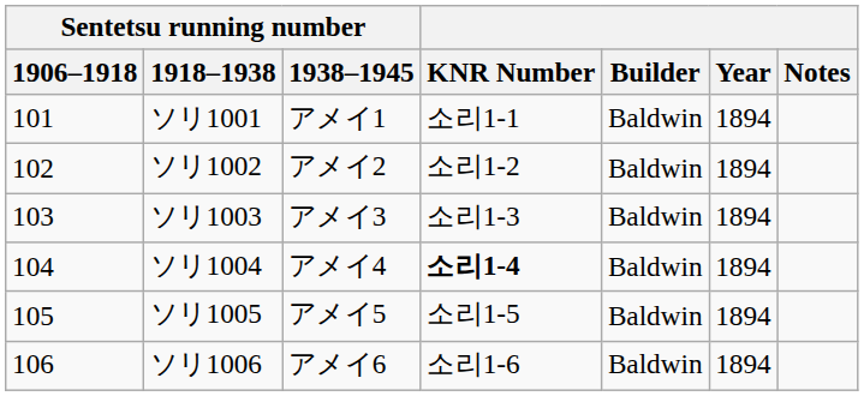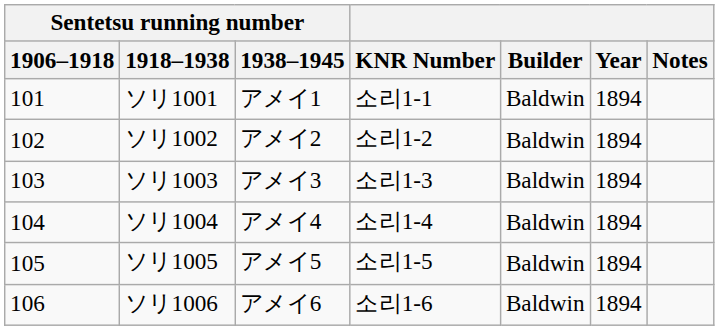 <table class="wikitable">
 <tr>
 <th colspan="3">Sentetsu running number</th>
 <th colspan="4"></th>
 </tr>
 <tr>
 <th>1906–1918</th>
 <th>1918–1938</th>
 <th>1938–1945</th>
 <th>KNR Number</th>
 <th>Builder</th>
 <th>Year</th>
 <th>Notes</th>
 </tr>
 <tr>
 <td>101</td>
 <td>ソリ1001</td>
 <td>アメイ1</td>
 <td>소리1-1</td>
 <td>Baldwin</td>
 <td>1894</td>
 <td></td>
 </tr>
 <tr>
 <td>102</td>
 <td>ソリ1002</td>
 <td>アメイ2</td>
 <td>소리1-2</td>
 <td>Baldwin</td>
 <td>1894</td>
 <td></td>
 </tr>
 <tr>
 <td>103</td>
 <td>ソリ1003</td>
 <td>アメイ3</td>
 <td>소리1-3</td>
 <td>Baldwin</td>
 <td>1894</td>
 <td></td>
 </tr>
 <tr>
 <td>104</td>
 <td>ソリ1004</td>
 <td>アメイ4</td>
-<td><strong>소리1-4</strong></td>
+<td>소리1-4</td>
 <td>Baldwin</td>
 <td>1894</td>
 <td></td>
 </tr>
 <tr>
 <td>105</td>
 <td>ソリ1005</td>
 <td>アメイ5</td>
 <td>소리1-5</td>
 <td>Baldwin</td>
 <td>1894</td>
 <td></td>
 </tr>
 <tr>
 <td>106</td>
 <td>ソリ1006</td>
 <td>アメイ6</td>
 <td>소리1-6</td>
 <td>Baldwin</td>
 <td>1894</td>
 <td></td>
 </tr>
 </table>
